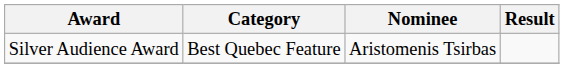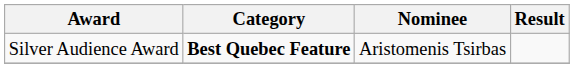 <table class="wikitable">
 <tr>
 <th>Award</th>
 <th>Category</th>
 <th>Nominee</th>
 <th>Result</th>
 </tr>
 <tr>
 <td>Silver Audience Award</td>
-<td>Best Quebec Feature</td>
+<td><strong>Best Quebec Feature</strong></td>
 <td>Aristomenis Tsirbas</td>
 <td></td>
 </tr>
 <tr>
 </tr>
 </table>
